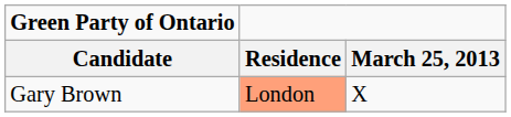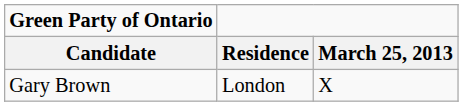 <table class="wikitable">
 <tr>
 <td style="text-align:center; background:"><strong>Green Party of Ontario</strong></td>
 </tr>
 <tr>
 <th align="left">Candidate</th>
 <th style="text-align:center;">Residence</th>
 <th align="left">March 25, 2013</th>
 </tr>
 <tr>
 <td>Gary Brown</td>
-<td style="background: lightsalmon;">London</td>
+<td>London</td>
 <td>X</td>
 </tr>
 </table>
